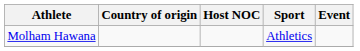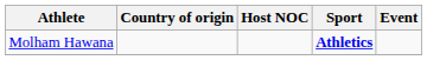 <table class='sortable wikitable' style=font-size:95%>
 <tr>
 <th>Athlete</th>
 <th>Country of origin</th>
 <th>Host NOC</th>
 <th>Sport</th>
 <th>Event</th>
 </tr>
 <tr>
 <td><a href='#'>Molham Hawana</a></td>
 <td></td>
 <td></td>
-<td><a href='#'>Athletics</a></td>
+<td><strong><a href='#'>Athletics</a></strong></td>
 <td></td>
 </tr>
 <tr>
 </tr>
 </table>
